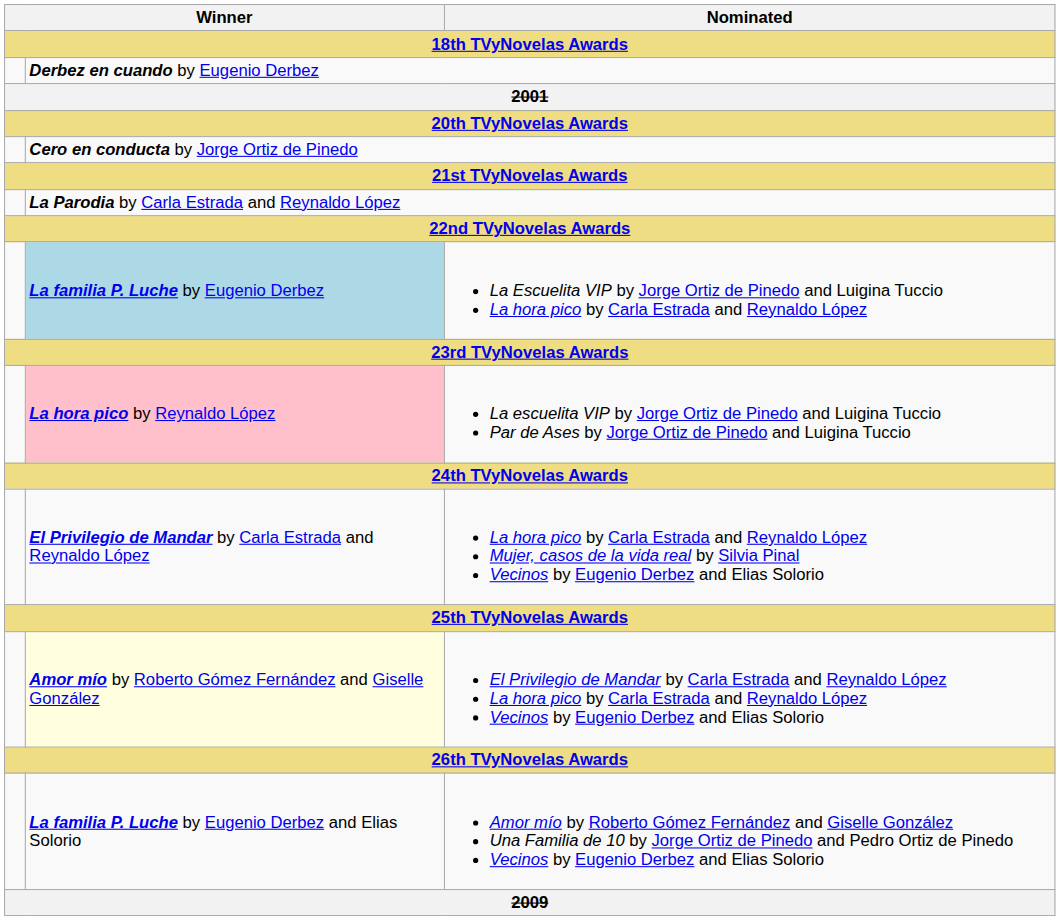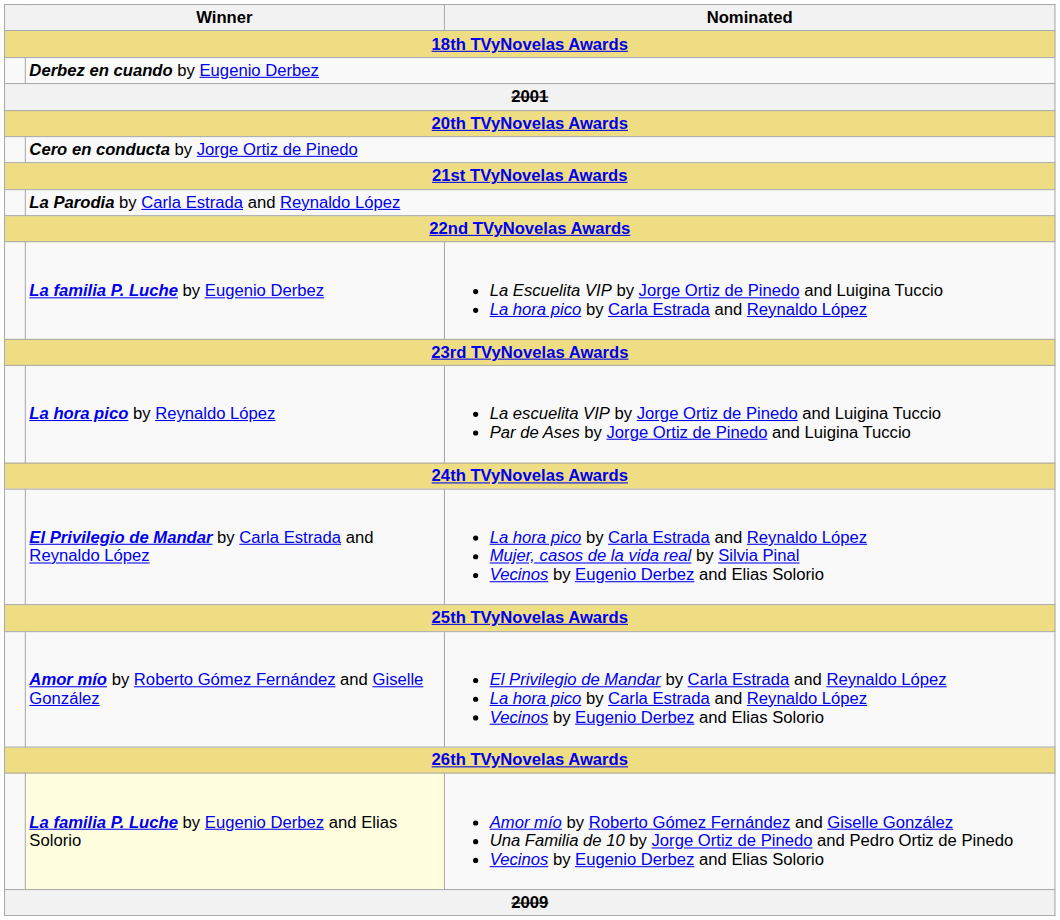 <table class="wikitable" width=80%>
 <tr align=center>
 <th width="150px;" colspan=2; align="center">Winner</th>
 <th width="580px;" align="center">Nominated</th>
 </tr>
 <tr>
 <th colspan=9 style="background:#EEDD82;"  align="center"><strong><a href='#'>18th TVyNovelas Awards</a></strong></th>
 </tr>
 <tr>
 <td width=2%></td>
 <td colspan=2><strong><em>Derbez en cuando</em></strong> by <a href='#'>Eugenio Derbez</a></td>
 </tr>
 <tr>
 <th colspan=9 align="center"><s>2001</s></th>
 </tr>
 <tr>
 <th colspan=9 style="background:#EEDD82;"  align="center"><strong><a href='#'>20th TVyNovelas Awards</a></strong></th>
 </tr>
 <tr>
 <td width=2%></td>
 <td colspan=2><strong><em>Cero en conducta</em></strong> by <a href='#'>Jorge Ortiz de Pinedo</a></td>
 </tr>
 <tr>
 <th colspan=9 style="background:#EEDD82;"  align="center"><strong><a href='#'>21st TVyNovelas Awards</a></strong></th>
 </tr>
 <tr>
 <td width=2%></td>
 <td colspan=2><strong><em>La Parodia</em></strong> by <a href='#'>Carla Estrada</a> and <a href='#'>Reynaldo López</a></td>
 </tr>
 <tr>
 <th colspan=9 style="background:#EEDD82;"  align="center"><strong><a href='#'>22nd TVyNovelas Awards</a></strong></th>
 </tr>
 <tr>
 <td width=2%></td>
-<td style="background: lightblue;"><strong><em><a href='#'>La familia P. Luche</a></em></strong> by <a href='#'>Eugenio Derbez</a></td>
+<td><strong><em><a href='#'>La familia P. Luche</a></em></strong> by <a href='#'>Eugenio Derbez</a></td>
 <td><br><ul><li><em>La Escuelita VIP</em> by <a href='#'>Jorge Ortiz de Pinedo</a> and Luigina Tuccio</li><li><em><a href='#'>La hora pico</a></em> by <a href='#'>Carla Estrada</a> and <a href='#'>Reynaldo López</a></li></ul></td>
 </tr>
 <tr>
 <th colspan=9 style="background:#EEDD82;"  align="center"><strong><a href='#'>23rd TVyNovelas Awards</a></strong></th>
 </tr>
 <tr>
 <td width=2%></td>
-<td style="background: pink;"><strong><em><a href='#'>La hora pico</a></em></strong> by <a href='#'>Reynaldo López</a></td>
+<td><strong><em><a href='#'>La hora pico</a></em></strong> by <a href='#'>Reynaldo López</a></td>
 <td><br><ul><li><em>La escuelita VIP</em> by <a href='#'>Jorge Ortiz de Pinedo</a> and Luigina Tuccio</li><li><em>Par de Ases</em> by <a href='#'>Jorge Ortiz de Pinedo</a> and Luigina Tuccio</li></ul></td>
 </tr>
 <tr>
 <th colspan=9 style="background:#EEDD82;"  align="center"><strong><a href='#'>24th TVyNovelas Awards</a></strong></th>
 </tr>
 <tr>
 <td width=2%></td>
 <td><strong><em><a href='#'>El Privilegio de Mandar</a></em></strong> by <a href='#'>Carla Estrada</a> and <a href='#'>Reynaldo López</a></td>
 <td><br><ul><li><em><a href='#'>La hora pico</a></em> by <a href='#'>Carla Estrada</a> and <a href='#'>Reynaldo López</a></li><li><em><a href='#'>Mujer, casos de la vida real</a></em> by <a href='#'>Silvia Pinal</a></li><li><em><a href='#'>Vecinos</a></em> by <a href='#'>Eugenio Derbez</a> and Elias Solorio</li></ul></td>
 </tr>
 <tr>
 <th colspan=9 style="background:#EEDD82;"  align="center"><strong><a href='#'>25th TVyNovelas Awards</a></strong></th>
 </tr>
 <tr>
 <td width=2%></td>
-<td style="background: lightyellow;"><strong><em><a href='#'>Amor mío</a></em></strong> by <a href='#'>Roberto Gómez Fernández</a> and <a href='#'>Giselle González</a></td>
+<td><strong><em><a href='#'>Amor mío</a></em></strong> by <a href='#'>Roberto Gómez Fernández</a> and <a href='#'>Giselle González</a></td>
 <td><br><ul><li><em><a href='#'>El Privilegio de Mandar</a></em> by <a href='#'>Carla Estrada</a> and <a href='#'>Reynaldo López</a></li><li><em><a href='#'>La hora pico</a></em> by <a href='#'>Carla Estrada</a> and <a href='#'>Reynaldo López</a></li><li><em><a href='#'>Vecinos</a></em> by <a href='#'>Eugenio Derbez</a> and Elias Solorio</li></ul></td>
 </tr>
 <tr>
 <th colspan=9 style="background:#EEDD82;"  align="center"><strong><a href='#'>26th TVyNovelas Awards</a></strong></th>
 </tr>
 <tr>
 <td width=2%></td>
-<td><strong><em><a href='#'>La familia P. Luche</a></em></strong> by <a href='#'>Eugenio Derbez</a> and Elias Solorio</td>
+<td style="background: lightyellow;"><strong><em><a href='#'>La familia P. Luche</a></em></strong> by <a href='#'>Eugenio Derbez</a> and Elias Solorio</td>
 <td><br><ul><li><em><a href='#'>Amor mío</a></em> by <a href='#'>Roberto Gómez Fernández</a> and <a href='#'>Giselle González</a></li><li><em>Una Familia de 10</em> by <a href='#'>Jorge Ortiz de Pinedo</a> and Pedro Ortiz de Pinedo</li><li><em><a href='#'>Vecinos</a></em> by <a href='#'>Eugenio Derbez</a> and Elias Solorio</li></ul></td>
 </tr>
 <tr>
 <th colspan=9 align="center"><s>2009</s></th>
 </tr>
 </table>
